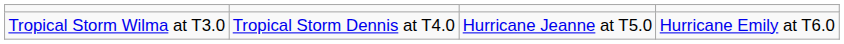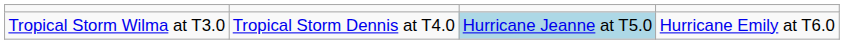 <table class="wikitable" style="clear:all;">
 <tr>
 <td></td>
 <td></td>
 <td></td>
 <td></td>
 </tr>
 <tr align=center>
 <td><a href='#'>Tropical Storm Wilma</a> at T3.0</td>
 <td><a href='#'>Tropical Storm Dennis</a> at T4.0</td>
-<td><a href='#'>Hurricane Jeanne</a> at T5.0</td>
+<td style="background: lightblue;"><a href='#'>Hurricane Jeanne</a> at T5.0</td>
 <td><a href='#'>Hurricane Emily</a> at T6.0</td>
 </tr>
 </table>
